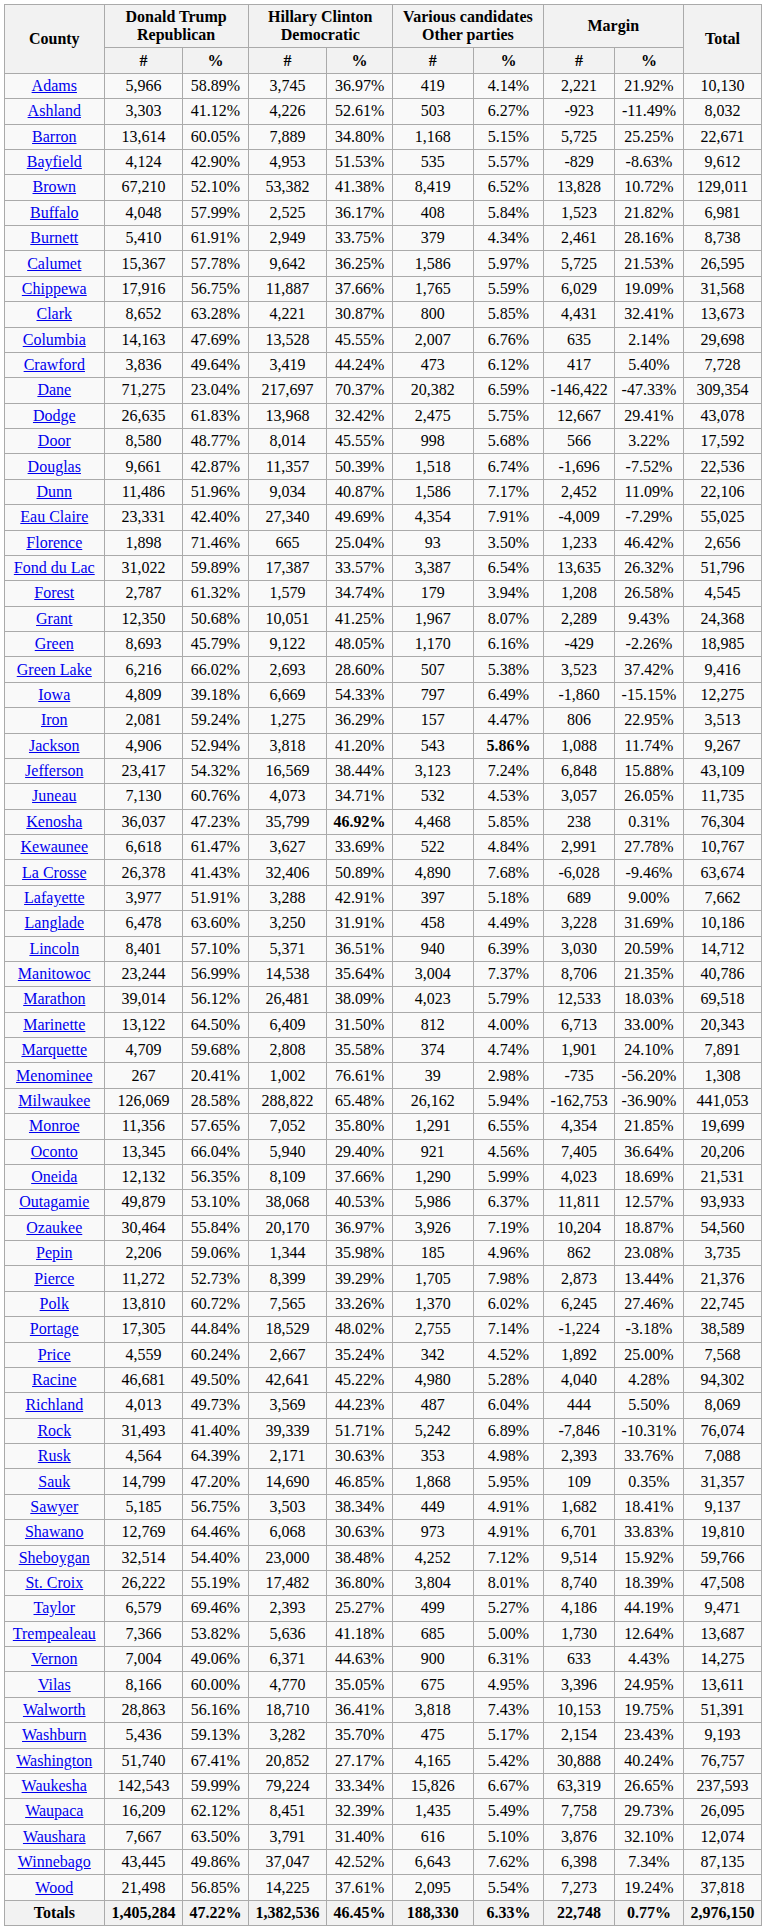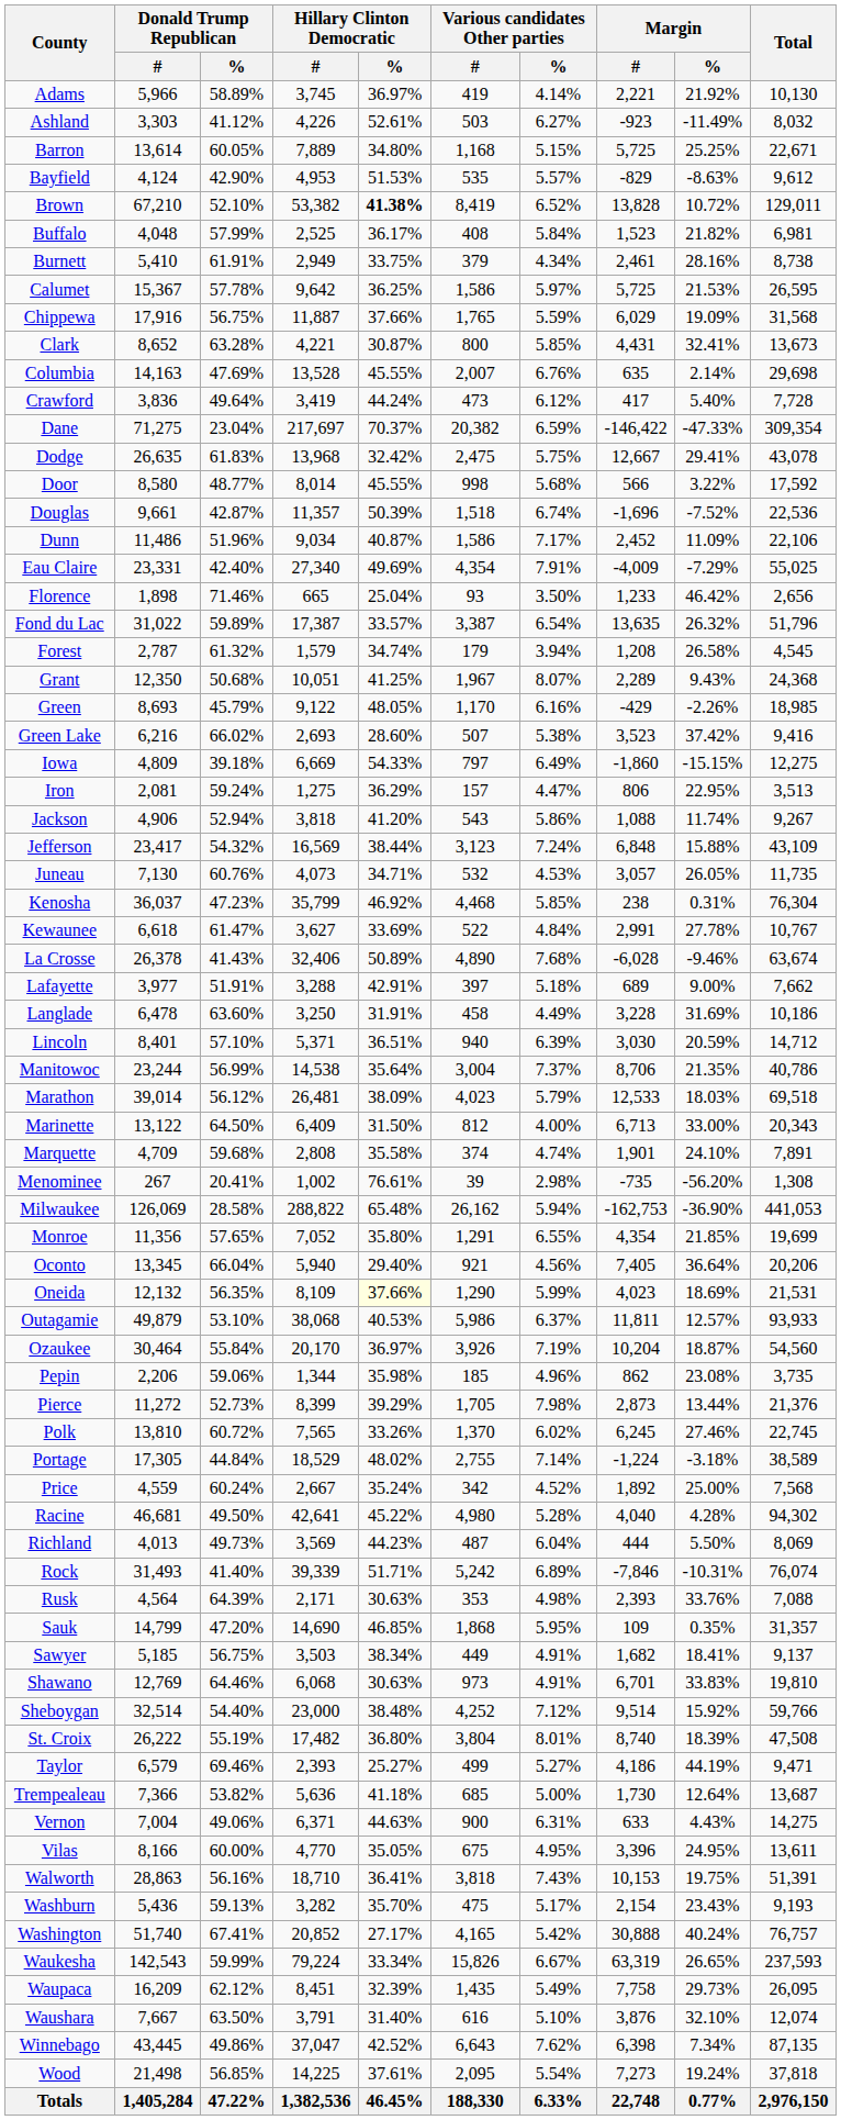 <table width="60%" class="wikitable sortable">
 <tr>
 <th rowspan="2">County</th>
 <th colspan="2">Donald Trump<br>Republican</th>
 <th colspan="2">Hillary Clinton<br>Democratic</th>
 <th colspan="2">Various candidates<br>Other parties</th>
 <th colspan="2">Margin</th>
 <th rowspan="2">Total</th>
 </tr>
 <tr>
 <th style="text-align:center;" data-sort-type="number">#</th>
 <th style="text-align:center;" data-sort-type="number">%</th>
 <th style="text-align:center;" data-sort-type="number">#</th>
 <th style="text-align:center;" data-sort-type="number">%</th>
 <th style="text-align:center;" data-sort-type="number">#</th>
 <th style="text-align:center;" data-sort-type="number">%</th>
 <th style="text-align:center;" data-sort-type="number">#</th>
 <th style="text-align:center;" data-sort-type="number">%</th>
 </tr>
 <tr style="text-align:center;">
 <td><a href='#'>Adams</a></td>
 <td>5,966</td>
 <td>58.89%</td>
 <td>3,745</td>
 <td>36.97%</td>
 <td>419</td>
 <td>4.14%</td>
 <td>2,221</td>
 <td>21.92%</td>
 <td>10,130</td>
 </tr>
 <tr style="text-align:center;">
 <td><a href='#'>Ashland</a></td>
 <td>3,303</td>
 <td>41.12%</td>
 <td>4,226</td>
 <td>52.61%</td>
 <td>503</td>
 <td>6.27%</td>
 <td>-923</td>
 <td>-11.49%</td>
 <td>8,032</td>
 </tr>
 <tr style="text-align:center;">
 <td><a href='#'>Barron</a></td>
 <td>13,614</td>
 <td>60.05%</td>
 <td>7,889</td>
 <td>34.80%</td>
 <td>1,168</td>
 <td>5.15%</td>
 <td>5,725</td>
 <td>25.25%</td>
 <td>22,671</td>
 </tr>
 <tr style="text-align:center;">
 <td><a href='#'>Bayfield</a></td>
 <td>4,124</td>
 <td>42.90%</td>
 <td>4,953</td>
 <td>51.53%</td>
 <td>535</td>
 <td>5.57%</td>
 <td>-829</td>
 <td>-8.63%</td>
 <td>9,612</td>
 </tr>
 <tr style="text-align:center;">
 <td><a href='#'>Brown</a></td>
 <td>67,210</td>
 <td>52.10%</td>
 <td>53,382</td>
-<td>41.38%</td>
+<td><strong>41.38%</strong></td>
 <td>8,419</td>
 <td>6.52%</td>
 <td>13,828</td>
 <td>10.72%</td>
 <td>129,011</td>
 </tr>
 <tr style="text-align:center;">
 <td><a href='#'>Buffalo</a></td>
 <td>4,048</td>
 <td>57.99%</td>
 <td>2,525</td>
 <td>36.17%</td>
 <td>408</td>
 <td>5.84%</td>
 <td>1,523</td>
 <td>21.82%</td>
 <td>6,981</td>
 </tr>
 <tr style="text-align:center;">
 <td><a href='#'>Burnett</a></td>
 <td>5,410</td>
 <td>61.91%</td>
 <td>2,949</td>
 <td>33.75%</td>
 <td>379</td>
 <td>4.34%</td>
 <td>2,461</td>
 <td>28.16%</td>
 <td>8,738</td>
 </tr>
 <tr style="text-align:center;">
 <td><a href='#'>Calumet</a></td>
 <td>15,367</td>
 <td>57.78%</td>
 <td>9,642</td>
 <td>36.25%</td>
 <td>1,586</td>
 <td>5.97%</td>
 <td>5,725</td>
 <td>21.53%</td>
 <td>26,595</td>
 </tr>
 <tr style="text-align:center;">
 <td><a href='#'>Chippewa</a></td>
 <td>17,916</td>
 <td>56.75%</td>
 <td>11,887</td>
 <td>37.66%</td>
 <td>1,765</td>
 <td>5.59%</td>
 <td>6,029</td>
 <td>19.09%</td>
 <td>31,568</td>
 </tr>
 <tr style="text-align:center;">
 <td><a href='#'>Clark</a></td>
 <td>8,652</td>
 <td>63.28%</td>
 <td>4,221</td>
 <td>30.87%</td>
 <td>800</td>
 <td>5.85%</td>
 <td>4,431</td>
 <td>32.41%</td>
 <td>13,673</td>
 </tr>
 <tr style="text-align:center;">
 <td><a href='#'>Columbia</a></td>
 <td>14,163</td>
 <td>47.69%</td>
 <td>13,528</td>
 <td>45.55%</td>
 <td>2,007</td>
 <td>6.76%</td>
 <td>635</td>
 <td>2.14%</td>
 <td>29,698</td>
 </tr>
 <tr style="text-align:center;">
 <td><a href='#'>Crawford</a></td>
 <td>3,836</td>
 <td>49.64%</td>
 <td>3,419</td>
 <td>44.24%</td>
 <td>473</td>
 <td>6.12%</td>
 <td>417</td>
 <td>5.40%</td>
 <td>7,728</td>
 </tr>
 <tr style="text-align:center;">
 <td><a href='#'>Dane</a></td>
 <td>71,275</td>
 <td>23.04%</td>
 <td>217,697</td>
 <td>70.37%</td>
 <td>20,382</td>
 <td>6.59%</td>
 <td>-146,422</td>
 <td>-47.33%</td>
 <td>309,354</td>
 </tr>
 <tr style="text-align:center;">
 <td><a href='#'>Dodge</a></td>
 <td>26,635</td>
 <td>61.83%</td>
 <td>13,968</td>
 <td>32.42%</td>
 <td>2,475</td>
 <td>5.75%</td>
 <td>12,667</td>
 <td>29.41%</td>
 <td>43,078</td>
 </tr>
 <tr style="text-align:center;">
 <td><a href='#'>Door</a></td>
 <td>8,580</td>
 <td>48.77%</td>
 <td>8,014</td>
 <td>45.55%</td>
 <td>998</td>
 <td>5.68%</td>
 <td>566</td>
 <td>3.22%</td>
 <td>17,592</td>
 </tr>
 <tr style="text-align:center;">
 <td><a href='#'>Douglas</a></td>
 <td>9,661</td>
 <td>42.87%</td>
 <td>11,357</td>
 <td>50.39%</td>
 <td>1,518</td>
 <td>6.74%</td>
 <td>-1,696</td>
 <td>-7.52%</td>
 <td>22,536</td>
 </tr>
 <tr style="text-align:center;">
 <td><a href='#'>Dunn</a></td>
 <td>11,486</td>
 <td>51.96%</td>
 <td>9,034</td>
 <td>40.87%</td>
 <td>1,586</td>
 <td>7.17%</td>
 <td>2,452</td>
 <td>11.09%</td>
 <td>22,106</td>
 </tr>
 <tr style="text-align:center;">
 <td><a href='#'>Eau Claire</a></td>
 <td>23,331</td>
 <td>42.40%</td>
 <td>27,340</td>
 <td>49.69%</td>
 <td>4,354</td>
 <td>7.91%</td>
 <td>-4,009</td>
 <td>-7.29%</td>
 <td>55,025</td>
 </tr>
 <tr style="text-align:center;">
 <td><a href='#'>Florence</a></td>
 <td>1,898</td>
 <td>71.46%</td>
 <td>665</td>
 <td>25.04%</td>
 <td>93</td>
 <td>3.50%</td>
 <td>1,233</td>
 <td>46.42%</td>
 <td>2,656</td>
 </tr>
 <tr style="text-align:center;">
 <td><a href='#'>Fond du Lac</a></td>
 <td>31,022</td>
 <td>59.89%</td>
 <td>17,387</td>
 <td>33.57%</td>
 <td>3,387</td>
 <td>6.54%</td>
 <td>13,635</td>
 <td>26.32%</td>
 <td>51,796</td>
 </tr>
 <tr style="text-align:center;">
 <td><a href='#'>Forest</a></td>
 <td>2,787</td>
 <td>61.32%</td>
 <td>1,579</td>
 <td>34.74%</td>
 <td>179</td>
 <td>3.94%</td>
 <td>1,208</td>
 <td>26.58%</td>
 <td>4,545</td>
 </tr>
 <tr style="text-align:center;">
 <td><a href='#'>Grant</a></td>
 <td>12,350</td>
 <td>50.68%</td>
 <td>10,051</td>
 <td>41.25%</td>
 <td>1,967</td>
 <td>8.07%</td>
 <td>2,289</td>
 <td>9.43%</td>
 <td>24,368</td>
 </tr>
 <tr style="text-align:center;">
 <td><a href='#'>Green</a></td>
 <td>8,693</td>
 <td>45.79%</td>
 <td>9,122</td>
 <td>48.05%</td>
 <td>1,170</td>
 <td>6.16%</td>
 <td>-429</td>
 <td>-2.26%</td>
 <td>18,985</td>
 </tr>
 <tr style="text-align:center;">
 <td><a href='#'>Green Lake</a></td>
 <td>6,216</td>
 <td>66.02%</td>
 <td>2,693</td>
 <td>28.60%</td>
 <td>507</td>
 <td>5.38%</td>
 <td>3,523</td>
 <td>37.42%</td>
 <td>9,416</td>
 </tr>
 <tr style="text-align:center;">
 <td><a href='#'>Iowa</a></td>
 <td>4,809</td>
 <td>39.18%</td>
 <td>6,669</td>
 <td>54.33%</td>
 <td>797</td>
 <td>6.49%</td>
 <td>-1,860</td>
 <td>-15.15%</td>
 <td>12,275</td>
 </tr>
 <tr style="text-align:center;">
 <td><a href='#'>Iron</a></td>
 <td>2,081</td>
 <td>59.24%</td>
 <td>1,275</td>
 <td>36.29%</td>
 <td>157</td>
 <td>4.47%</td>
 <td>806</td>
 <td>22.95%</td>
 <td>3,513</td>
 </tr>
 <tr style="text-align:center;">
 <td><a href='#'>Jackson</a></td>
 <td>4,906</td>
 <td>52.94%</td>
 <td>3,818</td>
 <td>41.20%</td>
 <td>543</td>
-<td><strong>5.86%</strong></td>
+<td>5.86%</td>
 <td>1,088</td>
 <td>11.74%</td>
 <td>9,267</td>
 </tr>
 <tr style="text-align:center;">
 <td><a href='#'>Jefferson</a></td>
 <td>23,417</td>
 <td>54.32%</td>
 <td>16,569</td>
 <td>38.44%</td>
 <td>3,123</td>
 <td>7.24%</td>
 <td>6,848</td>
 <td>15.88%</td>
 <td>43,109</td>
 </tr>
 <tr style="text-align:center;">
 <td><a href='#'>Juneau</a></td>
 <td>7,130</td>
 <td>60.76%</td>
 <td>4,073</td>
 <td>34.71%</td>
 <td>532</td>
 <td>4.53%</td>
 <td>3,057</td>
 <td>26.05%</td>
 <td>11,735</td>
 </tr>
 <tr style="text-align:center;">
 <td><a href='#'>Kenosha</a></td>
 <td>36,037</td>
 <td>47.23%</td>
 <td>35,799</td>
-<td><strong>46.92%</strong></td>
+<td>46.92%</td>
 <td>4,468</td>
 <td>5.85%</td>
 <td>238</td>
 <td>0.31%</td>
 <td>76,304</td>
 </tr>
 <tr style="text-align:center;">
 <td><a href='#'>Kewaunee</a></td>
 <td>6,618</td>
 <td>61.47%</td>
 <td>3,627</td>
 <td>33.69%</td>
 <td>522</td>
 <td>4.84%</td>
 <td>2,991</td>
 <td>27.78%</td>
 <td>10,767</td>
 </tr>
 <tr style="text-align:center;">
 <td><a href='#'>La Crosse</a></td>
 <td>26,378</td>
 <td>41.43%</td>
 <td>32,406</td>
 <td>50.89%</td>
 <td>4,890</td>
 <td>7.68%</td>
 <td>-6,028</td>
 <td>-9.46%</td>
 <td>63,674</td>
 </tr>
 <tr style="text-align:center;">
 <td><a href='#'>Lafayette</a></td>
 <td>3,977</td>
 <td>51.91%</td>
 <td>3,288</td>
 <td>42.91%</td>
 <td>397</td>
 <td>5.18%</td>
 <td>689</td>
 <td>9.00%</td>
 <td>7,662</td>
 </tr>
 <tr style="text-align:center;">
 <td><a href='#'>Langlade</a></td>
 <td>6,478</td>
 <td>63.60%</td>
 <td>3,250</td>
 <td>31.91%</td>
 <td>458</td>
 <td>4.49%</td>
 <td>3,228</td>
 <td>31.69%</td>
 <td>10,186</td>
 </tr>
 <tr style="text-align:center;">
 <td><a href='#'>Lincoln</a></td>
 <td>8,401</td>
 <td>57.10%</td>
 <td>5,371</td>
 <td>36.51%</td>
 <td>940</td>
 <td>6.39%</td>
 <td>3,030</td>
 <td>20.59%</td>
 <td>14,712</td>
 </tr>
 <tr style="text-align:center;">
 <td><a href='#'>Manitowoc</a></td>
 <td>23,244</td>
 <td>56.99%</td>
 <td>14,538</td>
 <td>35.64%</td>
 <td>3,004</td>
 <td>7.37%</td>
 <td>8,706</td>
 <td>21.35%</td>
 <td>40,786</td>
 </tr>
 <tr style="text-align:center;">
 <td><a href='#'>Marathon</a></td>
 <td>39,014</td>
 <td>56.12%</td>
 <td>26,481</td>
 <td>38.09%</td>
 <td>4,023</td>
 <td>5.79%</td>
 <td>12,533</td>
 <td>18.03%</td>
 <td>69,518</td>
 </tr>
 <tr style="text-align:center;">
 <td><a href='#'>Marinette</a></td>
 <td>13,122</td>
 <td>64.50%</td>
 <td>6,409</td>
 <td>31.50%</td>
 <td>812</td>
 <td>4.00%</td>
 <td>6,713</td>
 <td>33.00%</td>
 <td>20,343</td>
 </tr>
 <tr style="text-align:center;">
 <td><a href='#'>Marquette</a></td>
 <td>4,709</td>
 <td>59.68%</td>
 <td>2,808</td>
 <td>35.58%</td>
 <td>374</td>
 <td>4.74%</td>
 <td>1,901</td>
 <td>24.10%</td>
 <td>7,891</td>
 </tr>
 <tr style="text-align:center;">
 <td><a href='#'>Menominee</a></td>
 <td>267</td>
 <td>20.41%</td>
 <td>1,002</td>
 <td>76.61%</td>
 <td>39</td>
 <td>2.98%</td>
 <td>-735</td>
 <td>-56.20%</td>
 <td>1,308</td>
 </tr>
 <tr style="text-align:center;">
 <td><a href='#'>Milwaukee</a></td>
 <td>126,069</td>
 <td>28.58%</td>
 <td>288,822</td>
 <td>65.48%</td>
 <td>26,162</td>
 <td>5.94%</td>
 <td>-162,753</td>
 <td>-36.90%</td>
 <td>441,053</td>
 </tr>
 <tr style="text-align:center;">
 <td><a href='#'>Monroe</a></td>
 <td>11,356</td>
 <td>57.65%</td>
 <td>7,052</td>
 <td>35.80%</td>
 <td>1,291</td>
 <td>6.55%</td>
 <td>4,354</td>
 <td>21.85%</td>
 <td>19,699</td>
 </tr>
 <tr style="text-align:center;">
 <td><a href='#'>Oconto</a></td>
 <td>13,345</td>
 <td>66.04%</td>
 <td>5,940</td>
 <td>29.40%</td>
 <td>921</td>
 <td>4.56%</td>
 <td>7,405</td>
 <td>36.64%</td>
 <td>20,206</td>
 </tr>
 <tr style="text-align:center;">
 <td><a href='#'>Oneida</a></td>
 <td>12,132</td>
 <td>56.35%</td>
 <td>8,109</td>
-<td>37.66%</td>
+<td style="background: lightyellow;">37.66%</td>
 <td>1,290</td>
 <td>5.99%</td>
 <td>4,023</td>
 <td>18.69%</td>
 <td>21,531</td>
 </tr>
 <tr style="text-align:center;">
 <td><a href='#'>Outagamie</a></td>
 <td>49,879</td>
 <td>53.10%</td>
 <td>38,068</td>
 <td>40.53%</td>
 <td>5,986</td>
 <td>6.37%</td>
 <td>11,811</td>
 <td>12.57%</td>
 <td>93,933</td>
 </tr>
 <tr style="text-align:center;">
 <td><a href='#'>Ozaukee</a></td>
 <td>30,464</td>
 <td>55.84%</td>
 <td>20,170</td>
 <td>36.97%</td>
 <td>3,926</td>
 <td>7.19%</td>
 <td>10,204</td>
 <td>18.87%</td>
 <td>54,560</td>
 </tr>
 <tr style="text-align:center;">
 <td><a href='#'>Pepin</a></td>
 <td>2,206</td>
 <td>59.06%</td>
 <td>1,344</td>
 <td>35.98%</td>
 <td>185</td>
 <td>4.96%</td>
 <td>862</td>
 <td>23.08%</td>
 <td>3,735</td>
 </tr>
 <tr style="text-align:center;">
 <td><a href='#'>Pierce</a></td>
 <td>11,272</td>
 <td>52.73%</td>
 <td>8,399</td>
 <td>39.29%</td>
 <td>1,705</td>
 <td>7.98%</td>
 <td>2,873</td>
 <td>13.44%</td>
 <td>21,376</td>
 </tr>
 <tr style="text-align:center;">
 <td><a href='#'>Polk</a></td>
 <td>13,810</td>
 <td>60.72%</td>
 <td>7,565</td>
 <td>33.26%</td>
 <td>1,370</td>
 <td>6.02%</td>
 <td>6,245</td>
 <td>27.46%</td>
 <td>22,745</td>
 </tr>
 <tr style="text-align:center;">
 <td><a href='#'>Portage</a></td>
 <td>17,305</td>
 <td>44.84%</td>
 <td>18,529</td>
 <td>48.02%</td>
 <td>2,755</td>
 <td>7.14%</td>
 <td>-1,224</td>
 <td>-3.18%</td>
 <td>38,589</td>
 </tr>
 <tr style="text-align:center;">
 <td><a href='#'>Price</a></td>
 <td>4,559</td>
 <td>60.24%</td>
 <td>2,667</td>
 <td>35.24%</td>
 <td>342</td>
 <td>4.52%</td>
 <td>1,892</td>
 <td>25.00%</td>
 <td>7,568</td>
 </tr>
 <tr style="text-align:center;">
 <td><a href='#'>Racine</a></td>
 <td>46,681</td>
 <td>49.50%</td>
 <td>42,641</td>
 <td>45.22%</td>
 <td>4,980</td>
 <td>5.28%</td>
 <td>4,040</td>
 <td>4.28%</td>
 <td>94,302</td>
 </tr>
 <tr style="text-align:center;">
 <td><a href='#'>Richland</a></td>
 <td>4,013</td>
 <td>49.73%</td>
 <td>3,569</td>
 <td>44.23%</td>
 <td>487</td>
 <td>6.04%</td>
 <td>444</td>
 <td>5.50%</td>
 <td>8,069</td>
 </tr>
 <tr style="text-align:center;">
 <td><a href='#'>Rock</a></td>
 <td>31,493</td>
 <td>41.40%</td>
 <td>39,339</td>
 <td>51.71%</td>
 <td>5,242</td>
 <td>6.89%</td>
 <td>-7,846</td>
 <td>-10.31%</td>
 <td>76,074</td>
 </tr>
 <tr style="text-align:center;">
 <td><a href='#'>Rusk</a></td>
 <td>4,564</td>
 <td>64.39%</td>
 <td>2,171</td>
 <td>30.63%</td>
 <td>353</td>
 <td>4.98%</td>
 <td>2,393</td>
 <td>33.76%</td>
 <td>7,088</td>
 </tr>
 <tr style="text-align:center;">
 <td><a href='#'>Sauk</a></td>
 <td>14,799</td>
 <td>47.20%</td>
 <td>14,690</td>
 <td>46.85%</td>
 <td>1,868</td>
 <td>5.95%</td>
 <td>109</td>
 <td>0.35%</td>
 <td>31,357</td>
 </tr>
 <tr style="text-align:center;">
 <td><a href='#'>Sawyer</a></td>
 <td>5,185</td>
 <td>56.75%</td>
 <td>3,503</td>
 <td>38.34%</td>
 <td>449</td>
 <td>4.91%</td>
 <td>1,682</td>
 <td>18.41%</td>
 <td>9,137</td>
 </tr>
 <tr style="text-align:center;">
 <td><a href='#'>Shawano</a></td>
 <td>12,769</td>
 <td>64.46%</td>
 <td>6,068</td>
 <td>30.63%</td>
 <td>973</td>
 <td>4.91%</td>
 <td>6,701</td>
 <td>33.83%</td>
 <td>19,810</td>
 </tr>
 <tr style="text-align:center;">
 <td><a href='#'>Sheboygan</a></td>
 <td>32,514</td>
 <td>54.40%</td>
 <td>23,000</td>
 <td>38.48%</td>
 <td>4,252</td>
 <td>7.12%</td>
 <td>9,514</td>
 <td>15.92%</td>
 <td>59,766</td>
 </tr>
 <tr style="text-align:center;">
 <td><a href='#'>St. Croix</a></td>
 <td>26,222</td>
 <td>55.19%</td>
 <td>17,482</td>
 <td>36.80%</td>
 <td>3,804</td>
 <td>8.01%</td>
 <td>8,740</td>
 <td>18.39%</td>
 <td>47,508</td>
 </tr>
 <tr style="text-align:center;">
 <td><a href='#'>Taylor</a></td>
 <td>6,579</td>
 <td>69.46%</td>
 <td>2,393</td>
 <td>25.27%</td>
 <td>499</td>
 <td>5.27%</td>
 <td>4,186</td>
 <td>44.19%</td>
 <td>9,471</td>
 </tr>
 <tr style="text-align:center;">
 <td><a href='#'>Trempealeau</a></td>
 <td>7,366</td>
 <td>53.82%</td>
 <td>5,636</td>
 <td>41.18%</td>
 <td>685</td>
 <td>5.00%</td>
 <td>1,730</td>
 <td>12.64%</td>
 <td>13,687</td>
 </tr>
 <tr style="text-align:center;">
 <td><a href='#'>Vernon</a></td>
 <td>7,004</td>
 <td>49.06%</td>
 <td>6,371</td>
 <td>44.63%</td>
 <td>900</td>
 <td>6.31%</td>
 <td>633</td>
 <td>4.43%</td>
 <td>14,275</td>
 </tr>
 <tr style="text-align:center;">
 <td><a href='#'>Vilas</a></td>
 <td>8,166</td>
 <td>60.00%</td>
 <td>4,770</td>
 <td>35.05%</td>
 <td>675</td>
 <td>4.95%</td>
 <td>3,396</td>
 <td>24.95%</td>
 <td>13,611</td>
 </tr>
 <tr style="text-align:center;">
 <td><a href='#'>Walworth</a></td>
 <td>28,863</td>
 <td>56.16%</td>
 <td>18,710</td>
 <td>36.41%</td>
 <td>3,818</td>
 <td>7.43%</td>
 <td>10,153</td>
 <td>19.75%</td>
 <td>51,391</td>
 </tr>
 <tr style="text-align:center;">
 <td><a href='#'>Washburn</a></td>
 <td>5,436</td>
 <td>59.13%</td>
 <td>3,282</td>
 <td>35.70%</td>
 <td>475</td>
 <td>5.17%</td>
 <td>2,154</td>
 <td>23.43%</td>
 <td>9,193</td>
 </tr>
 <tr style="text-align:center;">
 <td><a href='#'>Washington</a></td>
 <td>51,740</td>
 <td>67.41%</td>
 <td>20,852</td>
 <td>27.17%</td>
 <td>4,165</td>
 <td>5.42%</td>
 <td>30,888</td>
 <td>40.24%</td>
 <td>76,757</td>
 </tr>
 <tr style="text-align:center;">
 <td><a href='#'>Waukesha</a></td>
 <td>142,543</td>
 <td>59.99%</td>
 <td>79,224</td>
 <td>33.34%</td>
 <td>15,826</td>
 <td>6.67%</td>
 <td>63,319</td>
 <td>26.65%</td>
 <td>237,593</td>
 </tr>
 <tr style="text-align:center;">
 <td><a href='#'>Waupaca</a></td>
 <td>16,209</td>
 <td>62.12%</td>
 <td>8,451</td>
 <td>32.39%</td>
 <td>1,435</td>
 <td>5.49%</td>
 <td>7,758</td>
 <td>29.73%</td>
 <td>26,095</td>
 </tr>
 <tr style="text-align:center;">
 <td><a href='#'>Waushara</a></td>
 <td>7,667</td>
 <td>63.50%</td>
 <td>3,791</td>
 <td>31.40%</td>
 <td>616</td>
 <td>5.10%</td>
 <td>3,876</td>
 <td>32.10%</td>
 <td>12,074</td>
 </tr>
 <tr style="text-align:center;">
 <td><a href='#'>Winnebago</a></td>
 <td>43,445</td>
 <td>49.86%</td>
 <td>37,047</td>
 <td>42.52%</td>
 <td>6,643</td>
 <td>7.62%</td>
 <td>6,398</td>
 <td>7.34%</td>
 <td>87,135</td>
 </tr>
 <tr style="text-align:center;">
 <td><a href='#'>Wood</a></td>
 <td>21,498</td>
 <td>56.85%</td>
 <td>14,225</td>
 <td>37.61%</td>
 <td>2,095</td>
 <td>5.54%</td>
 <td>7,273</td>
 <td>19.24%</td>
 <td>37,818</td>
 </tr>
 <tr>
 <th>Totals</th>
 <th>1,405,284</th>
 <th>47.22%</th>
 <th>1,382,536</th>
 <th>46.45%</th>
 <th>188,330</th>
 <th>6.33%</th>
 <th>22,748</th>
 <th>0.77%</th>
 <th>2,976,150</th>
 </tr>
 </table>
